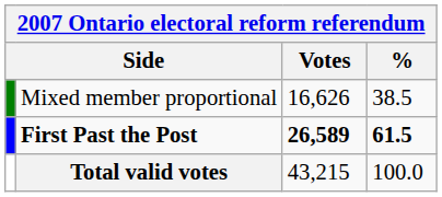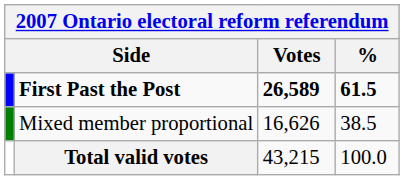 <table class="wikitable" style="font-size: 95%; clear:both">
 <tr style="background-color:#E9E9E9">
 <th colspan=4><a href='#'>2007 Ontario electoral reform referendum</a></th>
 </tr>
 <tr style="background-color:#E9E9E9">
 <th colspan=2 style="width: 130px">Side</th>
 <th style="width: 50px">Votes</th>
 <th style="width: 40px">%</th>
 </tr>
 <tr>
+<td bgcolor="blue"></td>
+<td><strong>First Past the Post</strong></td>
+<td><strong>26,589</strong></td>
+<td><strong>61.5</strong></td>
+</tr>
+<tr>
 <td bgcolor="green"></td>
 <td>Mixed member proportional</td>
 <td>16,626</td>
 <td>38.5</td>
-</tr>
-<tr>
-<td bgcolor="blue"></td>
-<td><strong>First Past the Post</strong></td>
-<td><strong>26,589</strong></td>
-<td><strong>61.5</strong></td>
 </tr>
 <tr>
 <td bgcolor="white"></td>
 <th>Total valid votes</th>
 <td>43,215</td>
 <td>100.0</td>
 </tr>
 </table>
